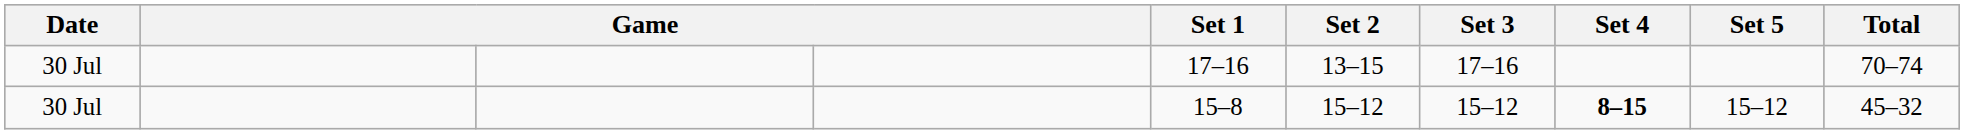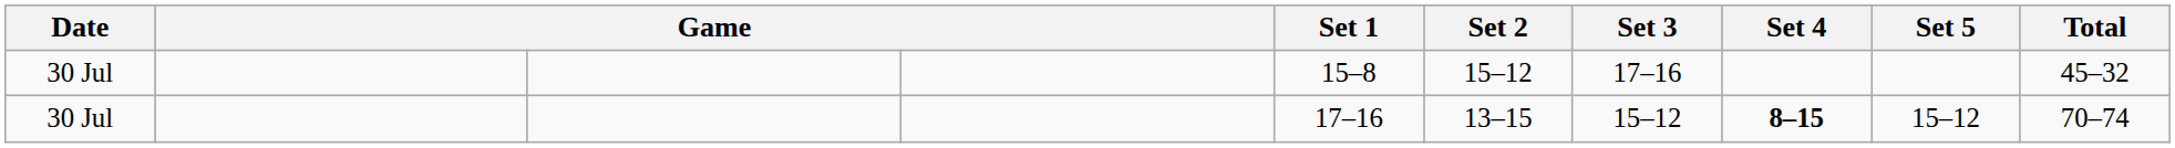 <table width=1200 class="wikitable">
 <tr>
 <th width=6%>Date</th>
 <th width=45% colspan=3>Game</th>
 <th width=6%>Set 1</th>
 <th width=6%>Set 2</th>
 <th width=6%>Set 3</th>
 <th width=6%>Set 4</th>
 <th width=6%>Set 5</th>
 <th width=6%>Total</th>
 </tr>
 <tr style=font-size:95%>
 <td align=center>30 Jul</td>
 <td align=center><strong></strong></td>
 <td></td>
 <td></td>
-<td align=center>17–16</td>
-<td align=center>13–15</td>
+<td align=center>15–8</td>
+<td align=center>15–12</td>
 <td align=center>17–16</td>
 <td align=center></td>
 <td align=center></td>
-<td align=center>70–74</td>
+<td align=center>45–32</td>
 </tr>
 <tr style=font-size:95%>
 <td align=center>30 Jul</td>
 <td align=center><strong></strong></td>
 <td></td>
 <td></td>
-<td align=center>15–8</td>
-<td align=center>15–12</td>
+<td align=center>17–16</td>
+<td align=center>13–15</td>
 <td align=center>15–12</td>
 <td align=center><strong>8–15</strong></td>
 <td align=center>15–12</td>
-<td align=center>45–32</td>
+<td align=center>70–74</td>
 </tr>
 </table>
